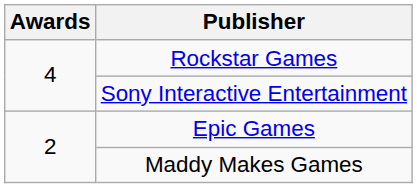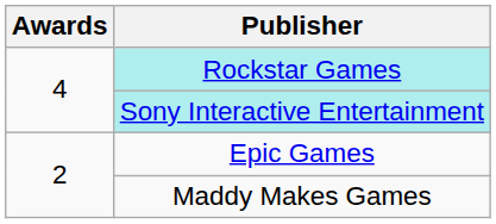 <table class="wikitable floatright" rowspan="2" style="text-align:center;">
 <tr>
 <th scope="col" style="width:55px;">Awards</th>
 <th scope="col" style="text-align:center;">Publisher</th>
 </tr>
 <tr>
 <td rowspan="2">4</td>
-<td><a href='#'>Rockstar Games</a></td>
+<td style="background: paleturquoise;"><a href='#'>Rockstar Games</a></td>
 </tr>
 <tr>
-<td><a href='#'>Sony Interactive Entertainment</a></td>
+<td style="background: paleturquoise;"><a href='#'>Sony Interactive Entertainment</a></td>
 </tr>
 <tr>
 <td rowspan="2">2</td>
 <td><a href='#'>Epic Games</a></td>
 </tr>
 <tr>
 <td>Maddy Makes Games</td>
 </tr>
 </table>
